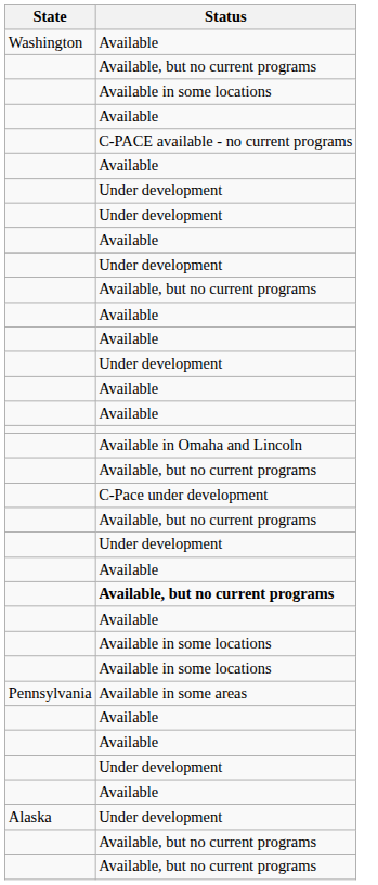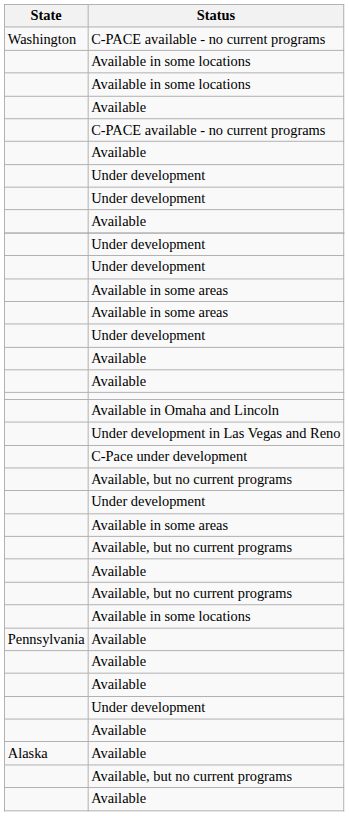 <table class=wikitable>
 <tr>
 <th>State</th>
 <th>Status</th>
 </tr>
 <tr>
 <td>Washington</td>
-<td>Available</td>
+<td>C-PACE available - no current programs</td>
 </tr>
 <tr valign=top>
 <td></td>
-<td>Available, but no current programs</td>
+<td>Available in some locations</td>
 </tr>
 <tr>
 <td></td>
 <td>Available in some locations</td>
 </tr>
 <tr>
 <td></td>
 <td>Available</td>
 </tr>
 <tr>
 <td></td>
 <td>C-PACE available - no current programs</td>
 </tr>
 <tr>
 <td></td>
 <td>Available</td>
 </tr>
 <tr>
 <td></td>
 <td>Under development</td>
 </tr>
 <tr>
 <td></td>
 <td>Under development</td>
 </tr>
 <tr>
 <td></td>
 <td>Available</td>
 </tr>
 <tr>
 </tr>
 <tr>
 <td></td>
 <td>Under development</td>
 </tr>
 <tr>
 <td></td>
-<td>Available, but no current programs</td>
+<td>Under development</td>
 </tr>
 <tr>
 <td></td>
-<td>Available</td>
+<td>Available in some areas</td>
 </tr>
 <tr>
 <td></td>
-<td>Available</td>
+<td>Available in some areas</td>
 </tr>
 <tr>
 <td></td>
 <td>Under development</td>
 </tr>
 <tr>
 <td></td>
 <td>Available</td>
 </tr>
 <tr>
 <td></td>
 <td>Available</td>
 </tr>
 <tr>
 <td></td>
 <td></td>
 </tr>
 <tr>
 <td></td>
 <td>Available in Omaha and Lincoln</td>
 </tr>
 <tr>
 <td></td>
-<td>Available, but no current programs</td>
+<td>Under development in Las Vegas and Reno</td>
 </tr>
 <tr>
 <td></td>
 <td>C-Pace under development</td>
 </tr>
 <tr>
 <td></td>
 <td>Available, but no current programs</td>
 </tr>
 <tr>
 <td></td>
 <td>Under development</td>
 </tr>
 <tr>
 <td></td>
-<td>Available</td>
+<td>Available in some areas</td>
 </tr>
 <tr>
 <td></td>
-<td><strong>Available, but no current programs</strong></td>
+<td>Available, but no current programs</td>
 </tr>
 <tr>
 <td></td>
 <td>Available</td>
 </tr>
 <tr>
 <td></td>
-<td>Available in some locations</td>
+<td>Available, but no current programs</td>
 </tr>
 <tr>
 <td></td>
 <td>Available in some locations</td>
 </tr>
 <tr>
 <td>Pennsylvania</td>
-<td>Available in some areas</td>
+<td>Available</td>
 </tr>
 <tr>
 <td></td>
 <td>Available</td>
 </tr>
 <tr>
 <td></td>
 <td>Available</td>
 </tr>
 <tr>
 <td></td>
 <td>Under development</td>
 </tr>
 <tr>
 <td></td>
 <td>Available</td>
 </tr>
 <tr>
 <td>Alaska</td>
-<td>Under development</td>
+<td>Available</td>
 </tr>
 <tr>
 <td></td>
 <td>Available, but no current programs</td>
 </tr>
 <tr>
 <td></td>
-<td>Available, but no current programs</td>
+<td>Available</td>
 </tr>
 </table>
